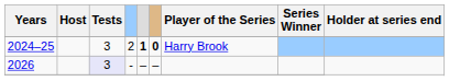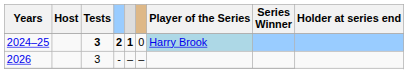 <table class="wikitable sortable">
 <tr>
 <th class="unsortable">Years</th>
 <th class="unsortable">Host</th>
 <th class="unsortable">Tests</th>
 <th style="background:#99ccff"></th>
 <th style="background:#ddd"></th>
 <th style="background:#deb887"></th>
 <th class="unsortable">Player of the Series</th>
 <th class="unsortable">Series<br>Winner</th>
 <th class="unsortable">Holder at series end</th>
 </tr>
 <tr>
 </tr>
 <tr>
 <td><a href='#'>2024–25</a></td>
 <td></td>
-<td align=center>3</td>
-<td align=center>2</td>
+<td align=center><strong>3</strong></td>
+<td align=center><strong>2</strong></td>
 <td align=center><strong>1</strong></td>
-<td align=center><strong>0</strong></td>
-<td> <a href='#'>Harry Brook</a></td>
+<td align=center>0</td>
+<td style="background: lightblue;"> <a href='#'>Harry Brook</a></td>
 <td style="background:#99ccff"></td>
 <td style="background:#99ccff"></td>
 </tr>
 <tr>
 <td><a href='#'>2026</a></td>
 <td></td>
-<td align=center style="background: lavender;">3</td>
+<td align=center>3</td>
 <td align=center>-</td>
 <td align=center>–</td>
 <td align=center>–</td>
 <td></td>
 <td></td>
 </tr>
 <tr>
 </tr>
 </table>
